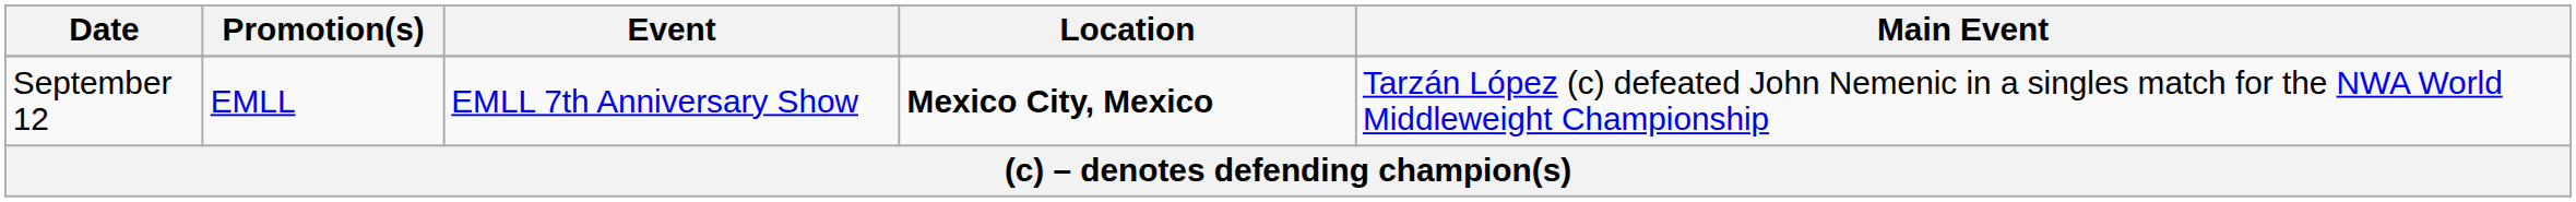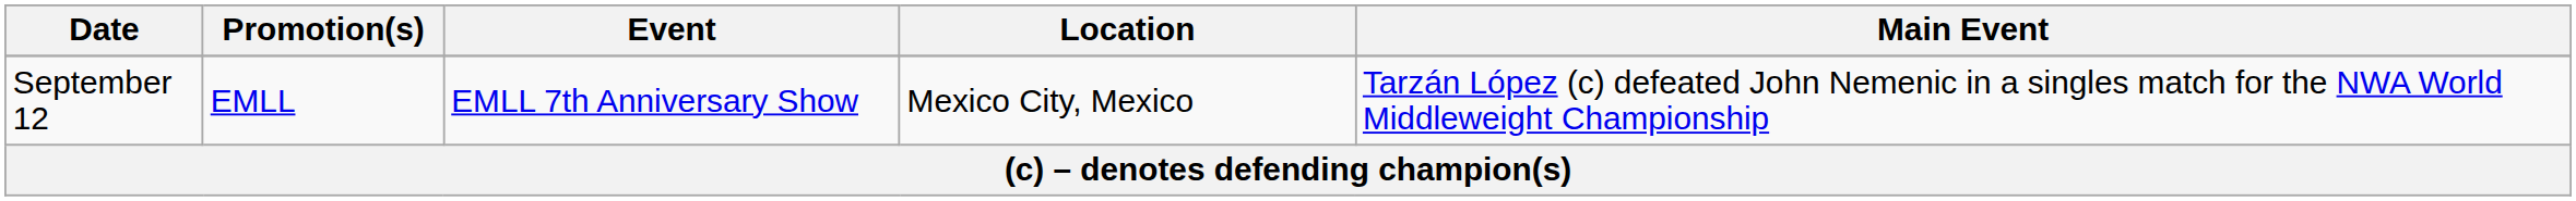 <table class="wikitable" style="width:100%;">
 <tr>
 <th width=5%>Date</th>
 <th width=5%>Promotion(s)</th>
 <th style="width:15%;">Event</th>
 <th style="width:15%;">Location</th>
 <th style="width:40%;">Main Event</th>
 </tr>
 <tr style="width:20%;"| Notes>
 </tr>
 <tr>
 <td>September 12</td>
 <td><a href='#'>EMLL</a></td>
 <td><a href='#'>EMLL 7th Anniversary Show</a></td>
-<td><strong>Mexico City, Mexico</strong></td>
+<td>Mexico City, Mexico</td>
 <td><a href='#'>Tarzán López</a> (c) defeated John Nemenic in a singles match for the <a href='#'>NWA World Middleweight Championship</a></td>
 </tr>
 <tr>
 <th colspan="5">(c) – denotes defending champion(s)</th>
 </tr>
 </table>
